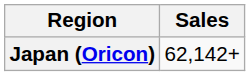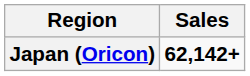 <table class="wikitable plainrowheaders">
 <tr>
 <th>Region</th>
 <th>Sales</th>
 </tr>
 <tr>
 <th scope="row">Japan (<a href='#'>Oricon</a>)</th>
-<td>62,142+</td>
+<td><strong>62,142+</strong></td>
 </tr>
 </table>
